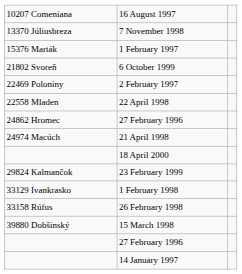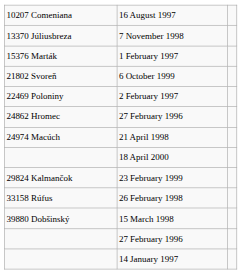 <table class="wikitable" style="font-size: 89%; float: left; width: 26em; margin-right: 1em; height: 420px;">
 <tr>
 <td>10207 Comeniana</td>
 <td>16 August 1997</td>
 <td> </td>
 </tr>
 <tr>
 <td>13370 Júliusbreza</td>
 <td>7 November 1998</td>
 <td> </td>
 </tr>
 <tr>
 <td>15376 Marták</td>
 <td>1 February 1997</td>
 <td> </td>
 </tr>
 <tr>
 <td>21802 Svoreň</td>
 <td>6 October 1999</td>
 <td> </td>
 </tr>
 <tr>
 <td>22469 Poloniny</td>
 <td>2 February 1997</td>
 <td> </td>
 </tr>
 <tr>
-<td>22558 Mladen</td>
-<td>22 April 1998</td>
-<td> </td>
-</tr>
-<tr>
 <td>24862 Hromec</td>
 <td>27 February 1996</td>
 <td> </td>
 </tr>
 <tr>
 <td>24974 Macúch</td>
 <td>21 April 1998</td>
 <td> </td>
 </tr>
 <tr>
 <td></td>
 <td>18 April 2000</td>
 <td> </td>
 </tr>
 <tr>
 <td>29824 Kalmančok</td>
 <td>23 February 1999</td>
-<td> </td>
-</tr>
-<tr>
-<td>33129 Ivankrasko</td>
-<td>1 February 1998</td>
 <td> </td>
 </tr>
 <tr>
 <td>33158 Rúfus</td>
 <td>26 February 1998</td>
 <td> </td>
 </tr>
 <tr>
 <td>39880 Dobšinský</td>
 <td>15 March 1998</td>
 <td> </td>
 </tr>
 <tr>
 <td></td>
 <td>27 February 1996</td>
 <td> </td>
 </tr>
 <tr>
 <td></td>
 <td>14 January 1997</td>
 <td> </td>
 </tr>
 </table>
